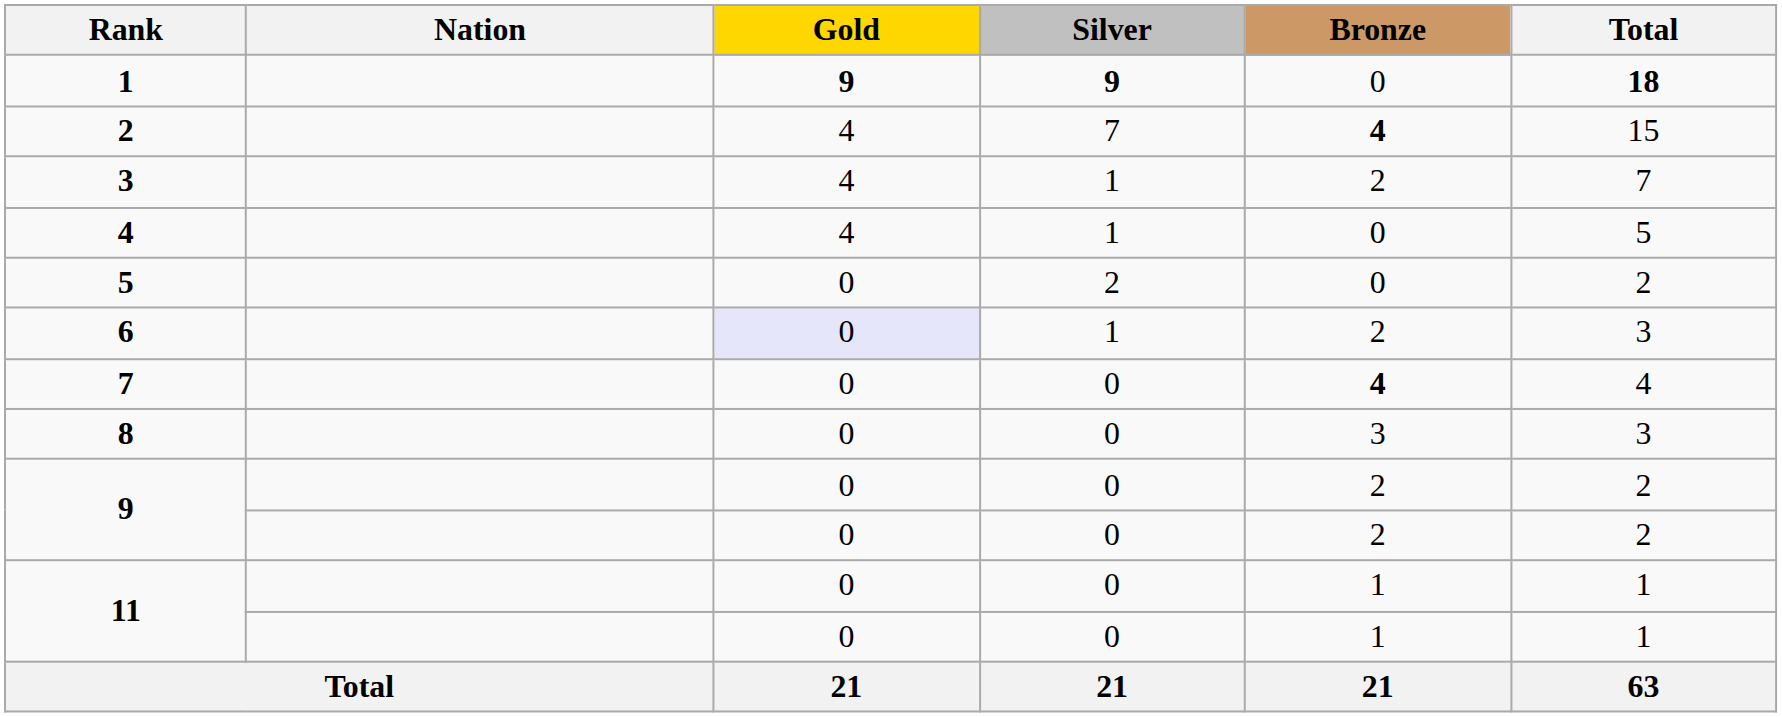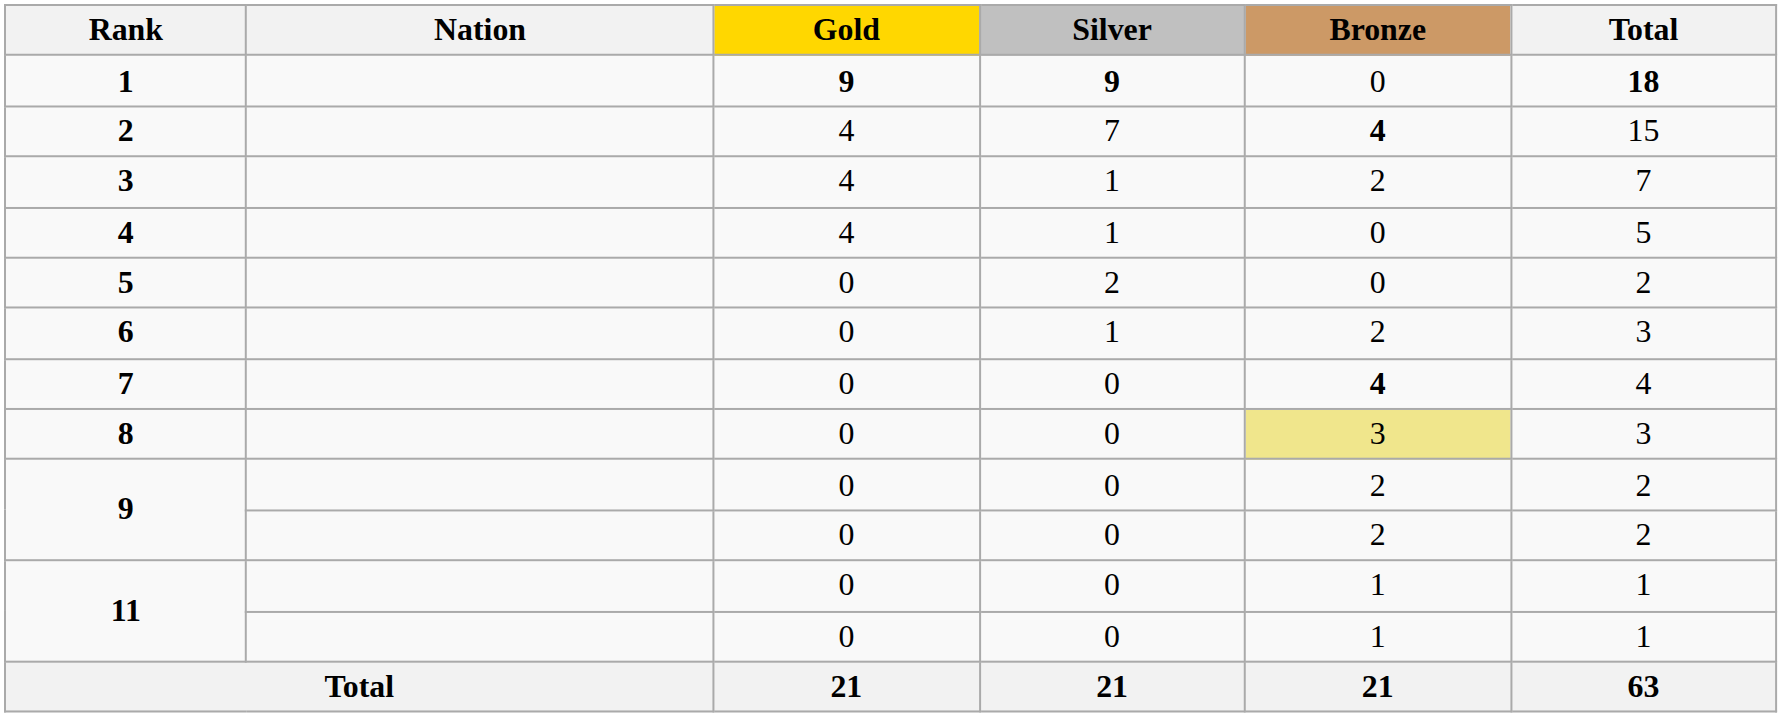 <table class="wikitable collapsible autocollapse plainrowheaders" width=70.5% style="text-align:center;">
 <tr style="background-color:#EDEDED;">
 <th width=100px class="hintergrundfarbe5">Rank</th>
 <th width=200px class="hintergrundfarbe6">Nation</th>
 <th style="background:    gold; width:15%">Gold</th>
 <th style="background:  silver; width:15%">Silver</th>
 <th style="background: #CC9966; width:15%">Bronze</th>
 <th class="hintergrundfarbe6" style="width:15%">Total</th>
 </tr>
 <tr>
 <td><strong>1</strong></td>
 <td align=left></td>
 <td><strong>9</strong></td>
 <td><strong>9</strong></td>
 <td>0</td>
 <td><strong>18</strong></td>
 </tr>
 <tr>
 <td><strong>2</strong></td>
 <td align=left></td>
 <td>4</td>
 <td>7</td>
 <td><strong>4</strong></td>
 <td>15</td>
 </tr>
 <tr>
 <td><strong>3</strong></td>
 <td align=left></td>
 <td>4</td>
 <td>1</td>
 <td>2</td>
 <td>7</td>
 </tr>
 <tr>
 <td><strong>4</strong></td>
 <td align=left><em></em></td>
 <td>4</td>
 <td>1</td>
 <td>0</td>
 <td>5</td>
 </tr>
 <tr>
 <td><strong>5</strong></td>
 <td align=left></td>
 <td>0</td>
 <td>2</td>
 <td>0</td>
 <td>2</td>
 </tr>
 <tr>
 <td><strong>6</strong></td>
 <td align=left></td>
-<td style="background: lavender;">0</td>
+<td>0</td>
 <td>1</td>
 <td>2</td>
 <td>3</td>
 </tr>
 <tr>
 <td><strong>7</strong></td>
 <td align=left></td>
 <td>0</td>
 <td>0</td>
 <td><strong>4</strong></td>
 <td>4</td>
 </tr>
 <tr>
 <td><strong>8</strong></td>
 <td align=left></td>
 <td>0</td>
 <td>0</td>
-<td>3</td>
+<td style="background: khaki;">3</td>
 <td>3</td>
 </tr>
 <tr>
 <td rowspan=2><strong>9</strong></td>
 <td align=left></td>
 <td>0</td>
 <td>0</td>
 <td>2</td>
 <td>2</td>
 </tr>
 <tr>
 <td align=left><em></em></td>
 <td>0</td>
 <td>0</td>
 <td>2</td>
 <td>2</td>
 </tr>
 <tr>
 <td rowspan=2><strong>11</strong></td>
 <td align=left></td>
 <td>0</td>
 <td>0</td>
 <td>1</td>
 <td>1</td>
 </tr>
 <tr>
 <td align=left><em></em></td>
 <td>0</td>
 <td>0</td>
 <td>1</td>
 <td>1</td>
 </tr>
 <tr>
 <th colspan=2>Total</th>
 <th>21</th>
 <th>21</th>
 <th>21</th>
 <th>63</th>
 </tr>
 </table>
